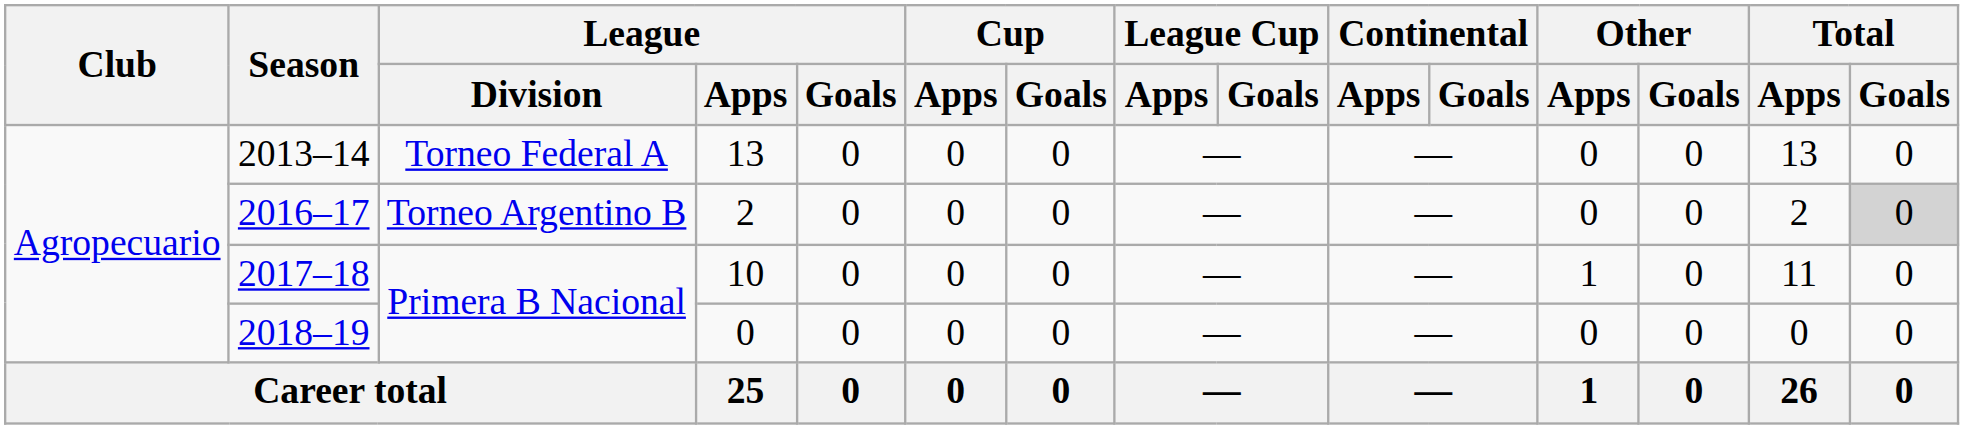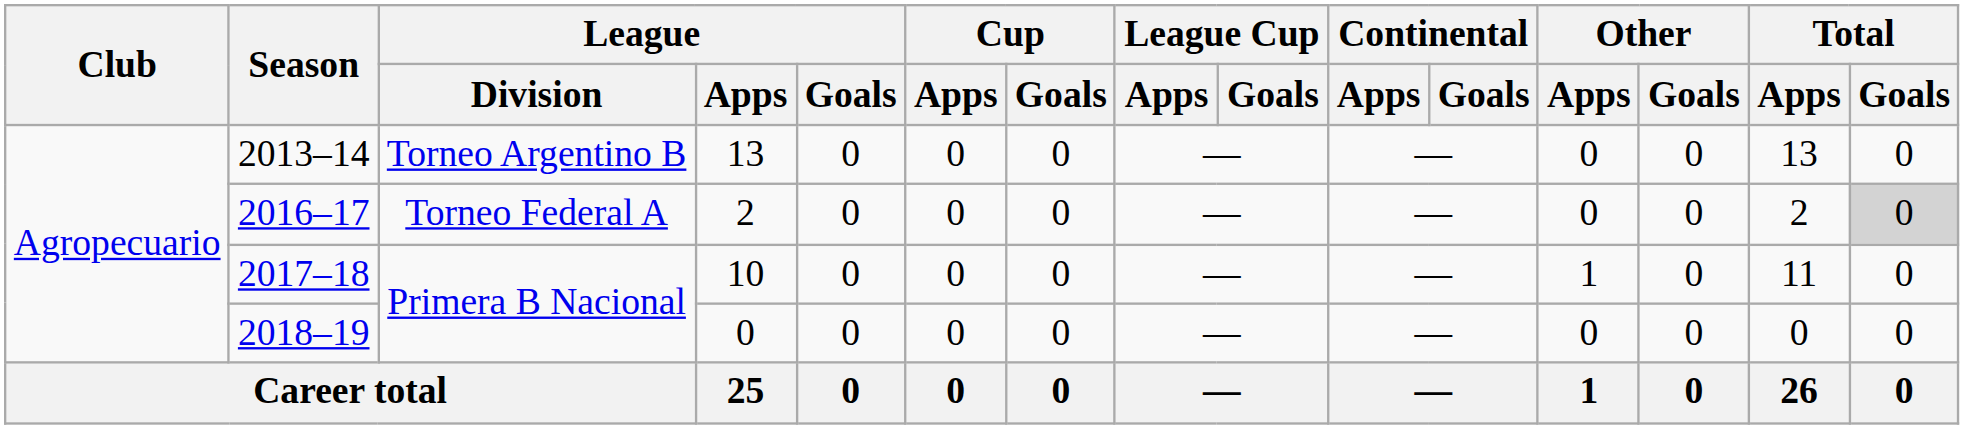 <table class="wikitable" style="text-align:center">
 <tr>
 <th rowspan="2">Club</th>
 <th rowspan="2">Season</th>
 <th colspan="3">League</th>
 <th colspan="2">Cup</th>
 <th colspan="2">League Cup</th>
 <th colspan="2">Continental</th>
 <th colspan="2">Other</th>
 <th colspan="2">Total</th>
 </tr>
 <tr>
 <th>Division</th>
 <th>Apps</th>
 <th>Goals</th>
 <th>Apps</th>
 <th>Goals</th>
 <th>Apps</th>
 <th>Goals</th>
 <th>Apps</th>
 <th>Goals</th>
 <th>Apps</th>
 <th>Goals</th>
 <th>Apps</th>
 <th>Goals</th>
 </tr>
 <tr>
 <td rowspan="4"><a href='#'>Agropecuario</a></td>
 <td>2013–14</td>
-<td rowspan="1"><a href='#'>Torneo Federal A</a></td>
+<td rowspan="1"><a href='#'>Torneo Argentino B</a></td>
 <td>13</td>
 <td>0</td>
 <td>0</td>
 <td>0</td>
 <td colspan="2">—</td>
 <td colspan="2">—</td>
 <td>0</td>
 <td>0</td>
 <td>13</td>
 <td>0</td>
 </tr>
 <tr>
 <td><a href='#'>2016–17</a></td>
-<td rowspan="1"><a href='#'>Torneo Argentino B</a></td>
+<td rowspan="1"><a href='#'>Torneo Federal A</a></td>
 <td>2</td>
 <td>0</td>
 <td>0</td>
 <td>0</td>
 <td colspan="2">—</td>
 <td colspan="2">—</td>
 <td>0</td>
 <td>0</td>
 <td>2</td>
 <td style="background: lightgrey;">0</td>
 </tr>
 <tr>
 <td><a href='#'>2017–18</a></td>
 <td rowspan="2"><a href='#'>Primera B Nacional</a></td>
 <td>10</td>
 <td>0</td>
 <td>0</td>
 <td>0</td>
 <td colspan="2">—</td>
 <td colspan="2">—</td>
 <td>1</td>
 <td>0</td>
 <td>11</td>
 <td>0</td>
 </tr>
 <tr>
 <td><a href='#'>2018–19</a></td>
 <td>0</td>
 <td>0</td>
 <td>0</td>
 <td>0</td>
 <td colspan="2">—</td>
 <td colspan="2">—</td>
 <td>0</td>
 <td>0</td>
 <td>0</td>
 <td>0</td>
 </tr>
 <tr>
 <th colspan="3">Career total</th>
 <th>25</th>
 <th>0</th>
 <th>0</th>
 <th>0</th>
 <th colspan="2">—</th>
 <th colspan="2">—</th>
 <th>1</th>
 <th>0</th>
 <th>26</th>
 <th>0</th>
 </tr>
 </table>
